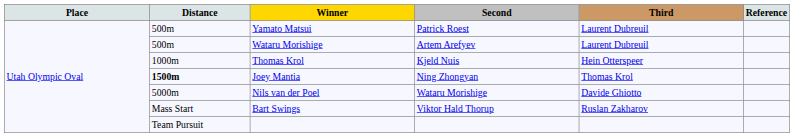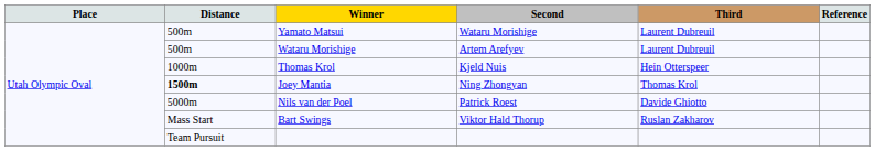 <table bgcolor="#f7f8ff" cellpadding="3" cellspacing="0" border="1" style="font-size: 95%; border: gray solid 1px; border-collapse: collapse;">
 <tr bgcolor="#cccccc" (1>
 <td width="220" align="center" bgcolor="#dce5e5"><strong>Place</strong></td>
 <td width="150" align="center" bgcolor="#dce5e5"><strong>Distance</strong></td>
 <td align="center" bgcolor="gold" width="250"><strong>Winner</strong></td>
 <td align="center" bgcolor="silver" width="250"><strong>Second</strong></td>
 <td width="250" align="center" bgcolor="#cc9966"><strong>Third</strong></td>
 <td width="30" align="center" bgcolor="#dce5e5"><strong>Reference</strong></td>
 </tr>
 <tr align="left">
 <td rowspan=7><a href='#'>Utah Olympic Oval</a></td>
 <td>500m</td>
 <td> <a href='#'>Yamato Matsui</a></td>
-<td> <a href='#'>Patrick Roest</a></td>
+<td> <a href='#'>Wataru Morishige</a></td>
 <td> <a href='#'>Laurent Dubreuil</a></td>
 <td></td>
 </tr>
 <tr align="left">
 <td>500m</td>
 <td> <a href='#'>Wataru Morishige</a></td>
 <td> <a href='#'>Artem Arefyev</a></td>
 <td> <a href='#'>Laurent Dubreuil</a></td>
 <td></td>
 </tr>
 <tr align="left">
 <td>1000m</td>
 <td> <a href='#'>Thomas Krol</a></td>
 <td> <a href='#'>Kjeld Nuis</a></td>
 <td> <a href='#'>Hein Otterspeer</a></td>
 <td></td>
 </tr>
 <tr align="left">
 <td><strong>1500m</strong></td>
 <td> <a href='#'>Joey Mantia</a></td>
 <td> <a href='#'>Ning Zhongyan</a></td>
 <td> <a href='#'>Thomas Krol</a></td>
 <td></td>
 </tr>
 <tr align="left">
 <td>5000m</td>
 <td> <a href='#'>Nils van der Poel</a></td>
-<td> <a href='#'>Wataru Morishige</a></td>
+<td> <a href='#'>Patrick Roest</a></td>
 <td> <a href='#'>Davide Ghiotto</a></td>
 <td></td>
 </tr>
 <tr align="left">
 <td>Mass Start</td>
 <td> <a href='#'>Bart Swings</a></td>
 <td> <a href='#'>Viktor Hald Thorup</a></td>
 <td> <a href='#'>Ruslan Zakharov</a></td>
 <td></td>
 </tr>
 <tr align="left">
 <td>Team Pursuit</td>
 <td></td>
 <td></td>
 <td></td>
 <td></td>
 </tr>
 </table>
